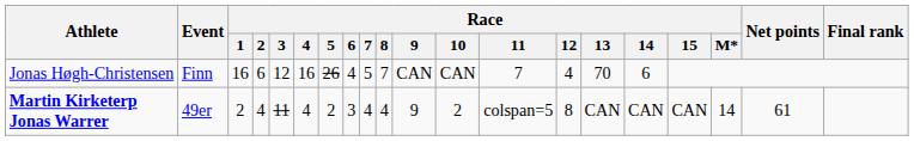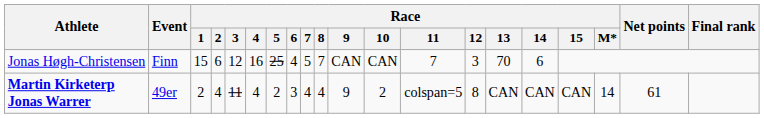 <table class="wikitable" style="font-size:90%">
 <tr>
 <th rowspan="2">Athlete</th>
 <th rowspan="2">Event</th>
 <th colspan=16>Race</th>
 <th rowspan=2>Net points</th>
 <th rowspan=2>Final rank</th>
 </tr>
 <tr style="font-size:95%">
 <th>1</th>
 <th>2</th>
 <th>3</th>
 <th>4</th>
 <th>5</th>
 <th>6</th>
 <th>7</th>
 <th>8</th>
 <th>9</th>
 <th>10</th>
 <th>11</th>
 <th>12</th>
 <th>13</th>
 <th>14</th>
 <th>15</th>
 <th>M*</th>
 </tr>
 <tr align=center>
 <td align=left><a href='#'>Jonas Høgh-Christensen</a></td>
 <td align=left><a href='#'>Finn</a></td>
-<td>16</td>
+<td>15</td>
 <td>6</td>
 <td>12</td>
 <td>16</td>
-<td><s>26</s></td>
+<td><s>25</s></td>
 <td>4</td>
 <td>5</td>
 <td>7</td>
 <td>CAN</td>
 <td>CAN</td>
 <td>7</td>
-<td>4</td>
+<td>3</td>
 <td>70</td>
 <td>6</td>
 </tr>
 <tr align=center>
 <td align=left><strong><a href='#'>Martin Kirketerp</a><br> <a href='#'>Jonas Warrer</a></strong></td>
 <td align=left><a href='#'>49er</a></td>
 <td>2</td>
 <td>4</td>
 <td><s>11</s></td>
 <td>4</td>
 <td>2</td>
 <td>3</td>
 <td>4</td>
 <td>4</td>
 <td>9</td>
 <td>2</td>
 <td>colspan=5 </td>
 <td>8</td>
 <td>CAN</td>
 <td>CAN</td>
 <td>CAN</td>
 <td>14</td>
 <td>61</td>
 <td></td>
 </tr>
 </table>
